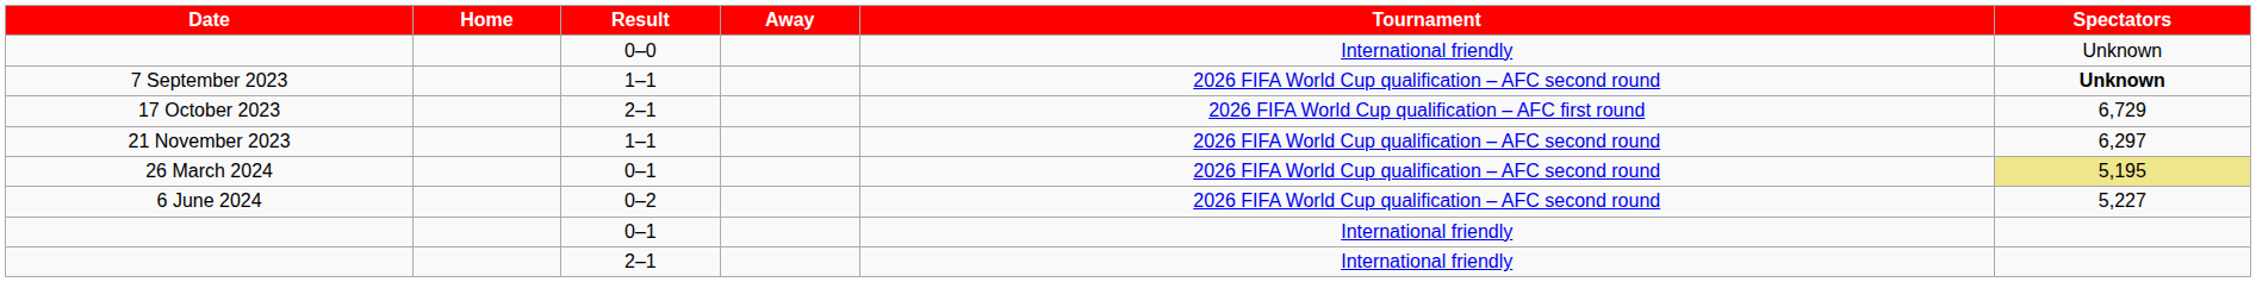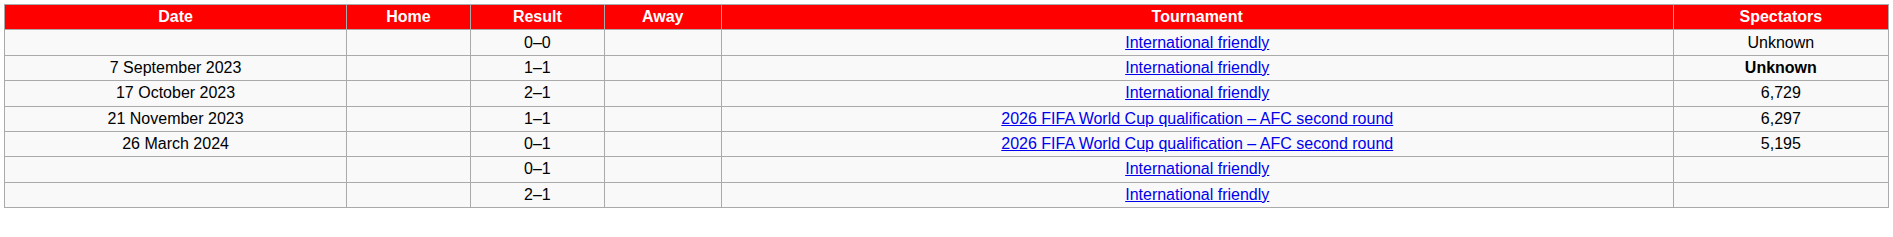 <table class="wikitable" style="text-align:left; width:95%;" style="text-align:center">
 <tr>
 <th style="text-align:center; background:#FF0000; color:#FFFFFF; ">Date</th>
 <th style="text-align:center; background:#FF0000; color:#FFFFFF; ">Home</th>
 <th style="text-align:center; background:#FF0000; color:#FFFFFF; ">Result</th>
 <th style="text-align:center;background:#FF0000; color:#FFFFFF; ">Away</th>
 <th style="text-align:center; background:#FF0000; color:#FFFFFF; ">Tournament</th>
 <th style="text-align:center; background:#FF0000; color:#FFFFFF; ">Spectators</th>
 </tr>
 <tr>
 <td style="text-align:center;"></td>
 <td align="left"><strong></strong></td>
 <td style="text-align:center;">0–0</td>
 <td align=left></td>
 <td style="text-align:center;"><a href='#'>International friendly</a></td>
 <td style="text-align:center;">Unknown</td>
 </tr>
 <tr>
 <td style="text-align:center;">7 September  2023</td>
 <td align="left"><strong></strong></td>
 <td style="text-align:center;">1–1</td>
 <td align=left></td>
-<td style="text-align:center;"><a href='#'>2026 FIFA World Cup qualification – AFC second round</a></td>
+<td style="text-align:center;"><a href='#'>International friendly</a></td>
 <td style="text-align:center;"><strong>Unknown</strong></td>
 </tr>
 <tr>
 <td style="text-align:center;">17 October 2023</td>
 <td align="left"><strong></strong></td>
 <td style="text-align:center;">2–1</td>
 <td align=left></td>
-<td style="text-align:center;"><a href='#'>2026 FIFA World Cup qualification – AFC first round</a></td>
+<td style="text-align:center;"><a href='#'>International friendly</a></td>
 <td style="text-align:center;">6,729</td>
 </tr>
 <tr>
 <td style="text-align:center;">21 November 2023</td>
 <td align="left"><strong></strong></td>
 <td style="text-align:center;">1–1</td>
 <td align=left></td>
 <td style="text-align:center;"><a href='#'>2026 FIFA World Cup qualification – AFC second round</a></td>
 <td style="text-align:center;">6,297</td>
 </tr>
 <tr>
 <td style="text-align:center;">26 March 2024</td>
 <td align="left"><strong></strong></td>
 <td style="text-align:center;">0–1</td>
 <td align=left></td>
 <td style="text-align:center;"><a href='#'>2026 FIFA World Cup qualification – AFC second round</a></td>
-<td style="background: khaki; text-align:center;">5,195</td>
-</tr>
-<tr>
-<td style="text-align:center;">6 June 2024</td>
-<td align="left"><strong></strong></td>
-<td style="text-align:center;">0–2</td>
-<td align=left></td>
-<td style="text-align:center;"><a href='#'>2026 FIFA World Cup qualification – AFC second round</a></td>
-<td style="text-align:center;">5,227</td>
+<td style="text-align:center;">5,195</td>
 </tr>
 <tr>
 <td style="text-align:center;"></td>
 <td align="left"><strong></strong></td>
 <td style="text-align:center;">0–1</td>
 <td align=left></td>
 <td style="text-align:center;"><a href='#'>International friendly</a></td>
 <td style="text-align:center;"></td>
 </tr>
 <tr>
 <td style="text-align:center;"></td>
 <td align="left"><strong></strong></td>
 <td style="text-align:center;">2–1</td>
 <td align=left></td>
 <td style="text-align:center;"><a href='#'>International friendly</a></td>
 <td style="text-align:center;"></td>
 </tr>
 </table>
